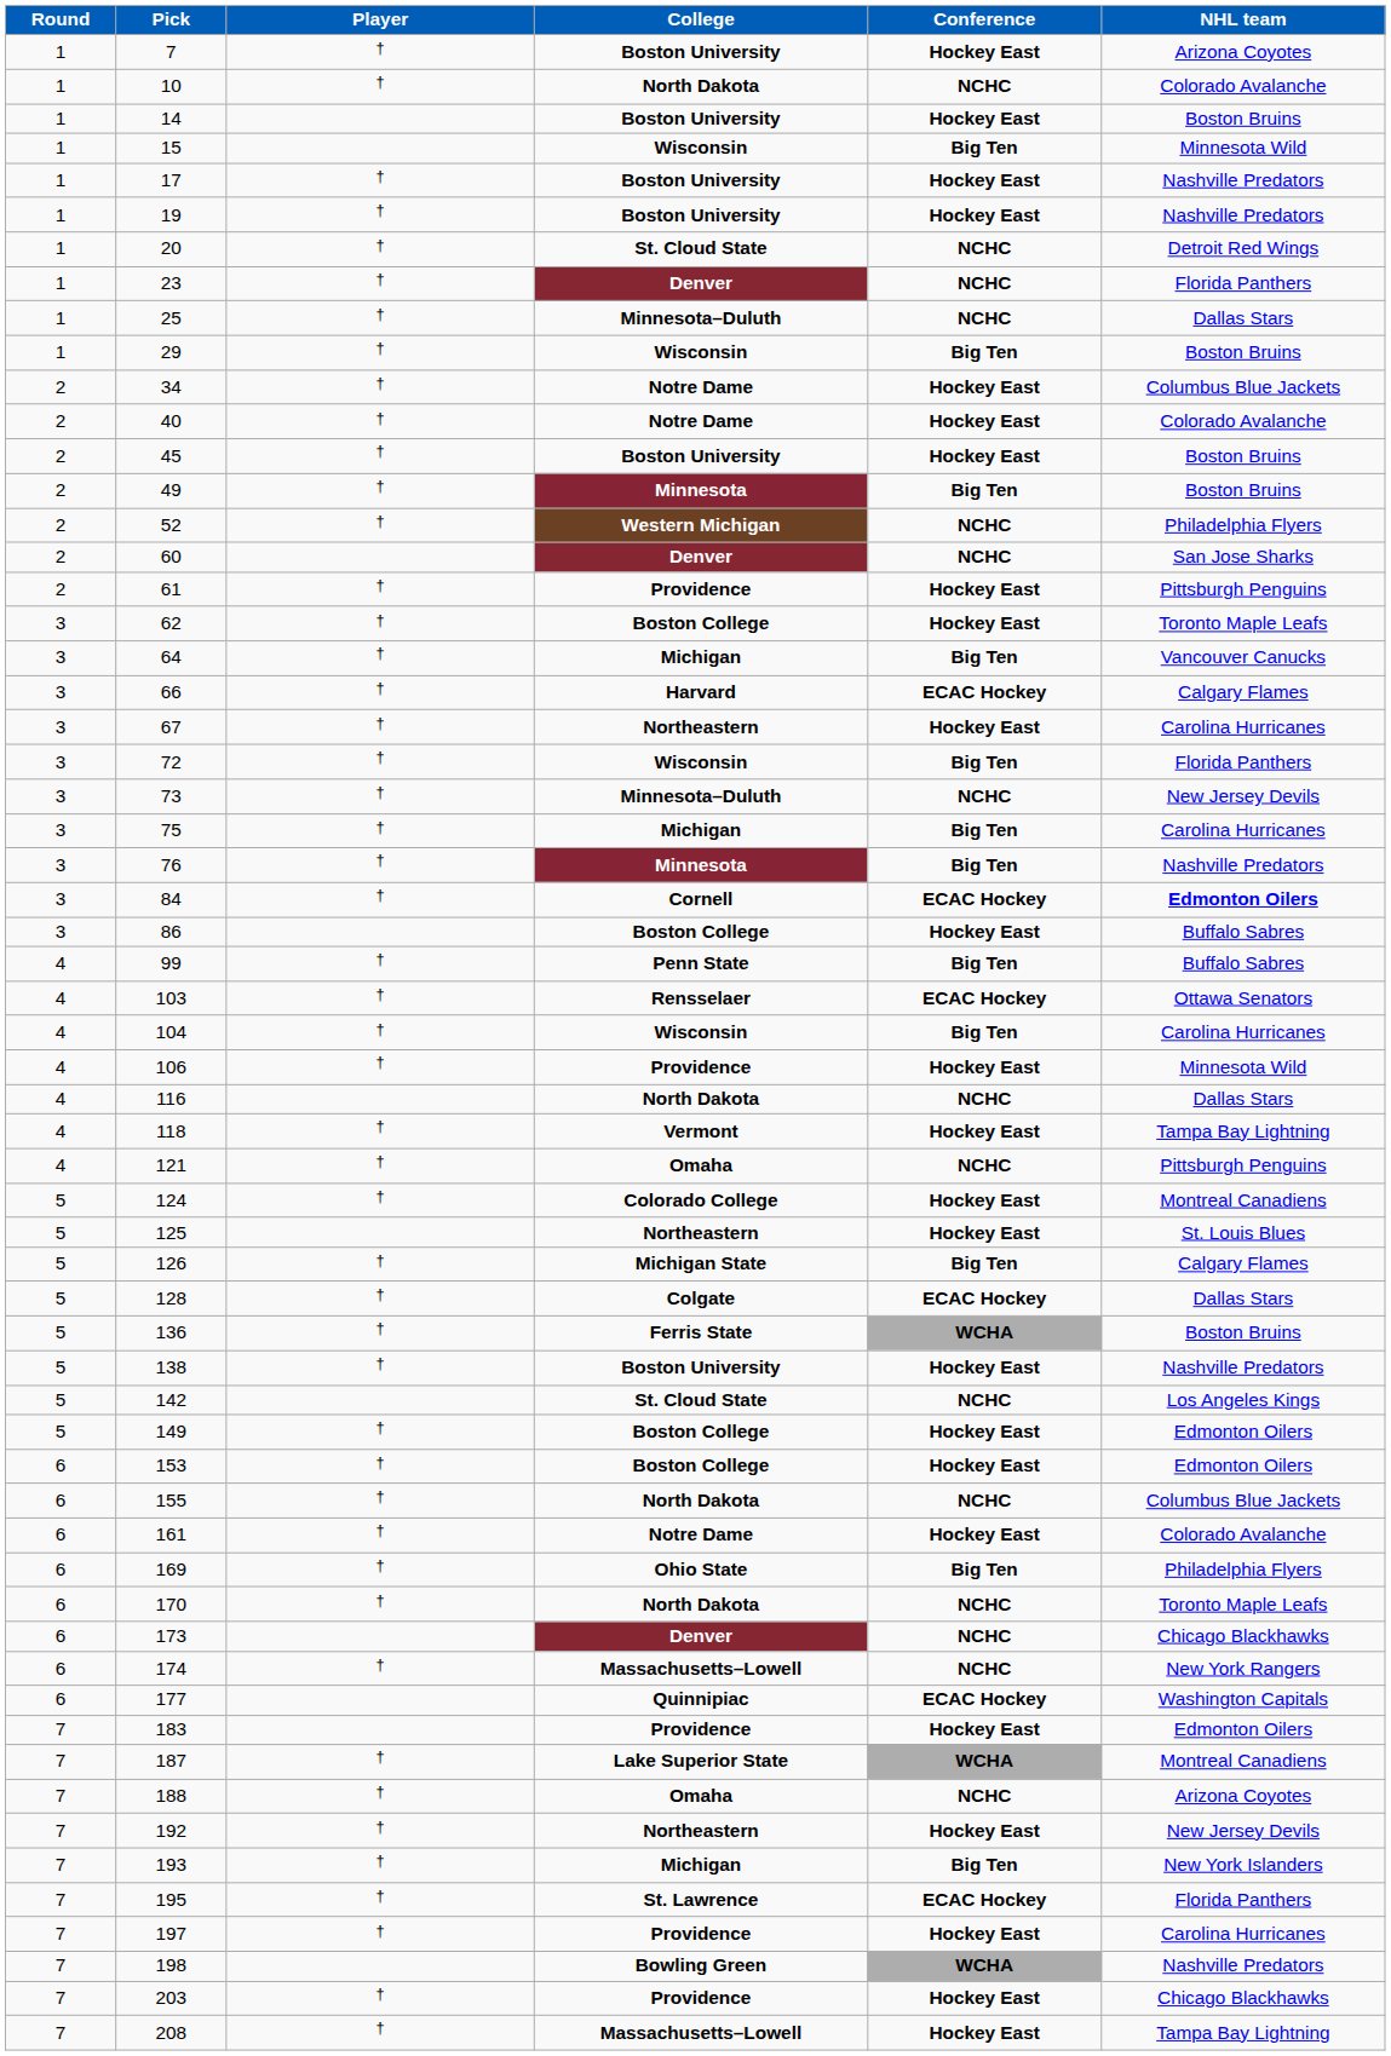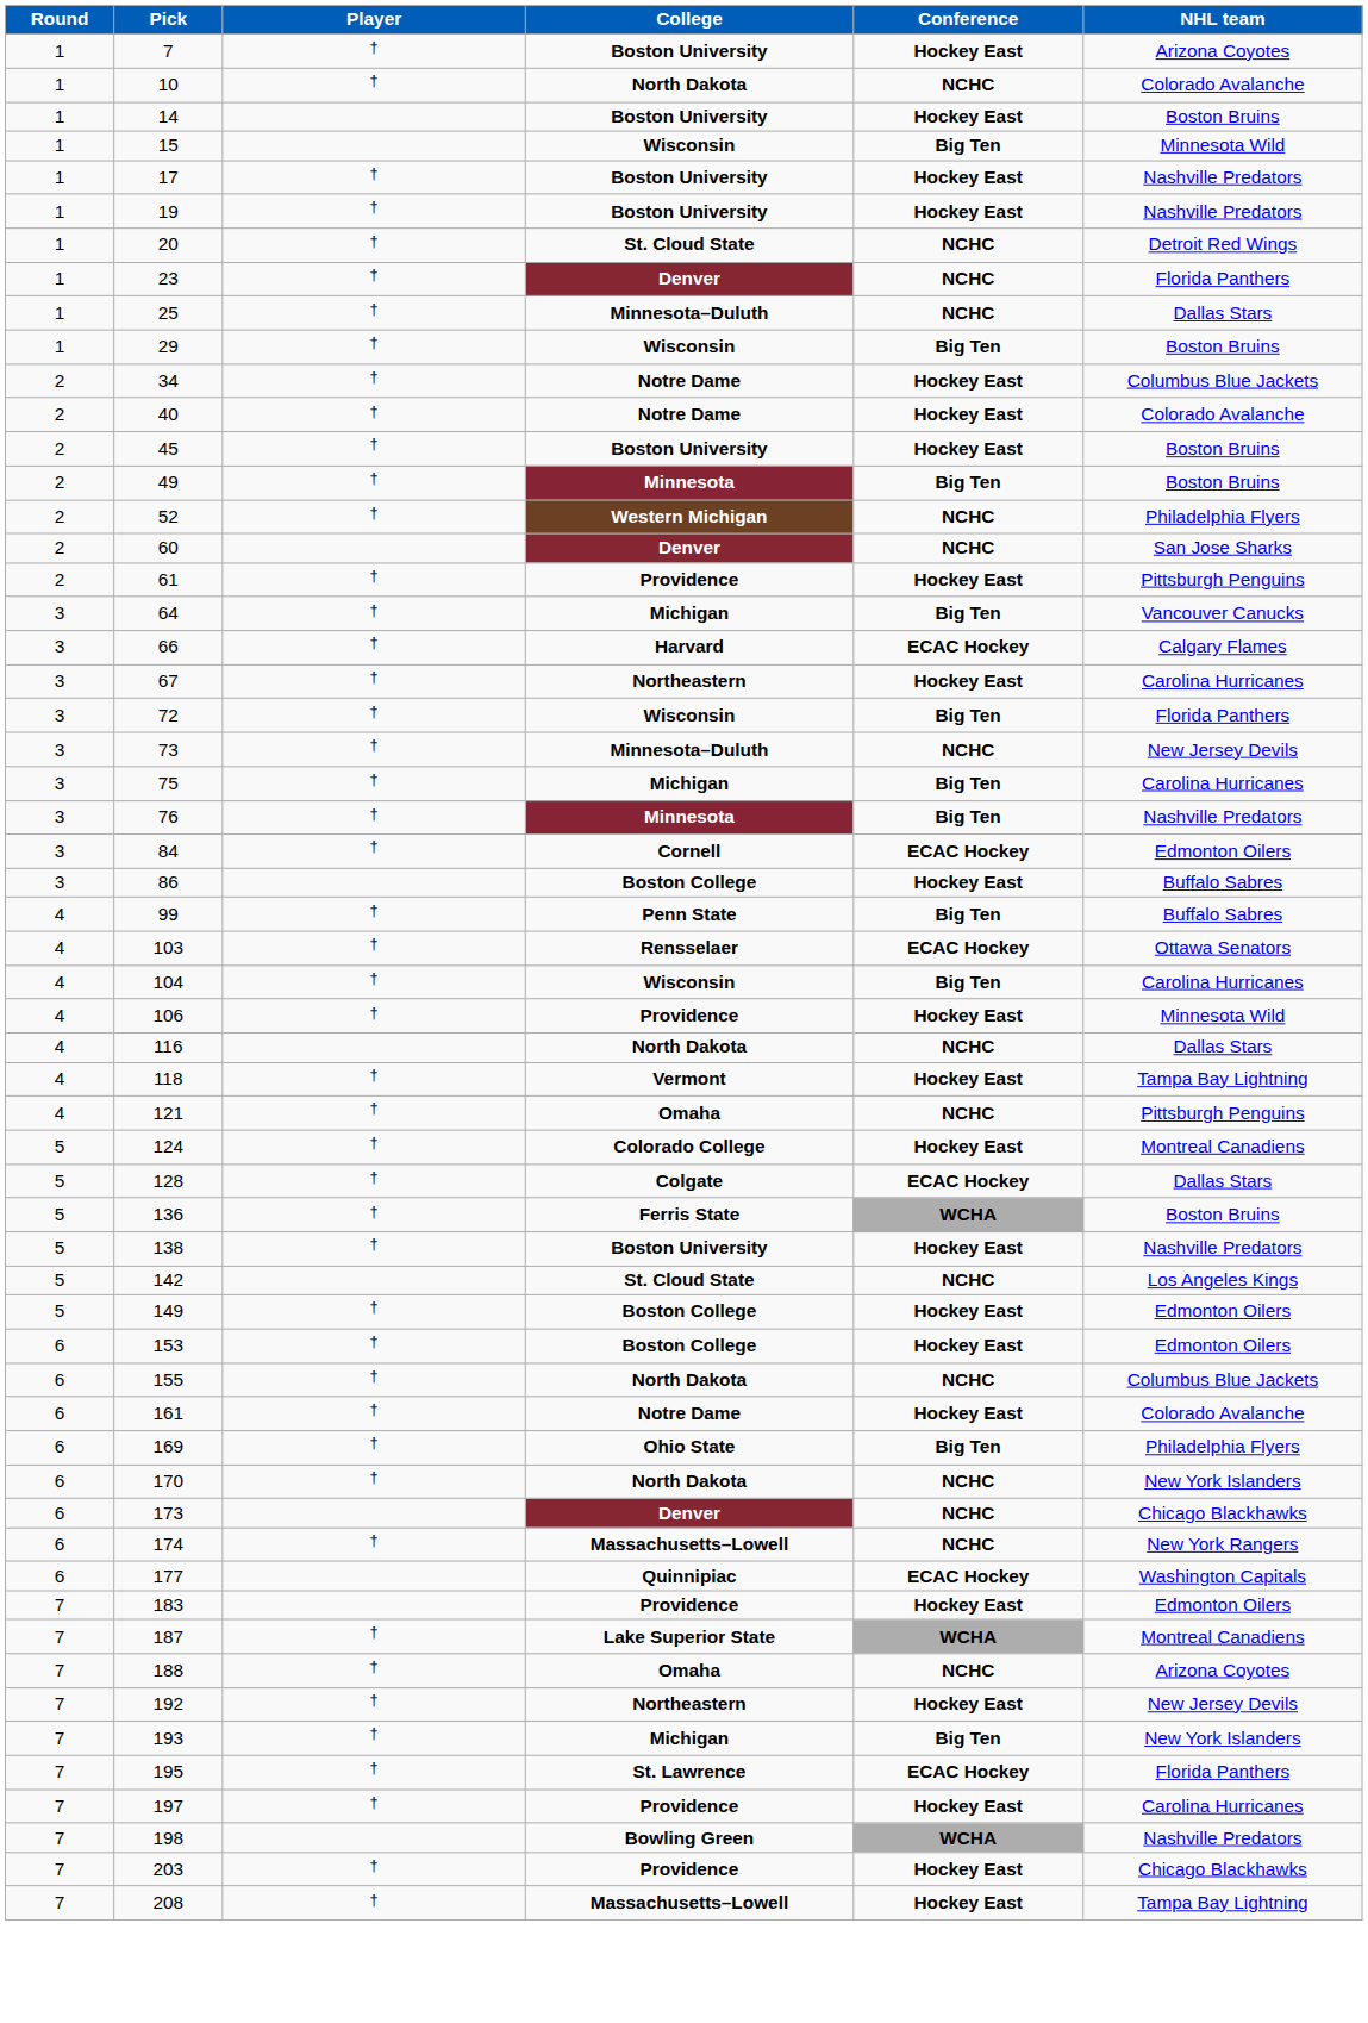 <table class="wikitable sortable" width="75%">
 <tr>
 <th style="color:white; background-color:#005EB8; width: 4em;">Round</th>
 <th style="color:white; background-color:#005EB8; width: 4em;">Pick</th>
 <th style="color:white; background-color:#005EB8; width: 12em;">Player</th>
 <th style="color:white; background-color:#005EB8; width: 13em;">College</th>
 <th style="color:white; background-color:#005EB8; width: 9em;">Conference</th>
 <th style="color:white; background-color:#005EB8; width: 11em;">NHL team</th>
 </tr>
 <tr align="center" bgcolor="">
 <td>1</td>
 <td>7</td>
 <td> <sup>†</sup></td>
 <td><strong>Boston University</strong></td>
 <td><strong>Hockey East</strong></td>
 <td><a href='#'>Arizona Coyotes</a></td>
 </tr>
 <tr align="center" bgcolor="">
 <td>1</td>
 <td>10</td>
 <td> <sup>†</sup></td>
 <td><strong>North Dakota</strong></td>
 <td><strong>NCHC</strong></td>
 <td><a href='#'>Colorado Avalanche</a></td>
 </tr>
 <tr align="center" bgcolor="">
 <td>1</td>
 <td>14</td>
 <td></td>
 <td><strong>Boston University</strong></td>
 <td><strong>Hockey East</strong></td>
 <td><a href='#'>Boston Bruins</a></td>
 </tr>
 <tr align="center" bgcolor="">
 <td>1</td>
 <td>15</td>
 <td></td>
 <td><strong>Wisconsin</strong></td>
 <td><strong>Big Ten</strong></td>
 <td><a href='#'>Minnesota Wild</a></td>
 </tr>
 <tr align="center" bgcolor="">
 <td>1</td>
 <td>17</td>
 <td> <sup>†</sup></td>
 <td><strong>Boston University</strong></td>
 <td><strong>Hockey East</strong></td>
 <td><a href='#'>Nashville Predators</a></td>
 </tr>
 <tr align="center" bgcolor="">
 <td>1</td>
 <td>19</td>
 <td> <sup>†</sup></td>
 <td><strong>Boston University</strong></td>
 <td><strong>Hockey East</strong></td>
 <td><a href='#'>Nashville Predators</a></td>
 </tr>
 <tr align="center" bgcolor="">
 <td>1</td>
 <td>20</td>
 <td> <sup>†</sup></td>
 <td><strong>St. Cloud State</strong></td>
 <td><strong>NCHC</strong></td>
 <td><a href='#'>Detroit Red Wings</a></td>
 </tr>
 <tr align="center" bgcolor="">
 <td>1</td>
 <td>23</td>
 <td> <sup>†</sup></td>
 <td style="color:white; background:#862633; "><strong>Denver</strong></td>
 <td><strong>NCHC</strong></td>
 <td><a href='#'>Florida Panthers</a></td>
 </tr>
 <tr align="center" bgcolor="">
 <td>1</td>
 <td>25</td>
 <td> <sup>†</sup></td>
 <td><strong>Minnesota–Duluth</strong></td>
 <td><strong>NCHC</strong></td>
 <td><a href='#'>Dallas Stars</a></td>
 </tr>
 <tr align="center" bgcolor="">
 <td>1</td>
 <td>29</td>
 <td> <sup>†</sup></td>
 <td><strong>Wisconsin</strong></td>
 <td><strong>Big Ten</strong></td>
 <td><a href='#'>Boston Bruins</a></td>
 </tr>
 <tr align="center" bgcolor="">
 <td>2</td>
 <td>34</td>
 <td> <sup>†</sup></td>
 <td><strong>Notre Dame</strong></td>
 <td><strong>Hockey East</strong></td>
 <td><a href='#'>Columbus Blue Jackets</a></td>
 </tr>
 <tr align="center" bgcolor="">
 <td>2</td>
 <td>40</td>
 <td> <sup>†</sup></td>
 <td><strong>Notre Dame</strong></td>
 <td><strong>Hockey East</strong></td>
 <td><a href='#'>Colorado Avalanche</a></td>
 </tr>
 <tr align="center" bgcolor="">
 <td>2</td>
 <td>45</td>
 <td> <sup>†</sup></td>
 <td><strong>Boston University</strong></td>
 <td><strong>Hockey East</strong></td>
 <td><a href='#'>Boston Bruins</a></td>
 </tr>
 <tr align="center" bgcolor="">
 <td>2</td>
 <td>49</td>
 <td> <sup>†</sup></td>
 <td style="color:white; background:#862334; "><strong>Minnesota</strong></td>
 <td><strong>Big Ten</strong></td>
 <td><a href='#'>Boston Bruins</a></td>
 </tr>
 <tr align="center" bgcolor="">
 <td>2</td>
 <td>52</td>
 <td> <sup>†</sup></td>
 <td style="color:white; background:#6C4023; "><strong>Western Michigan</strong></td>
 <td><strong>NCHC</strong></td>
 <td><a href='#'>Philadelphia Flyers</a></td>
 </tr>
 <tr align="center" bgcolor="">
 <td>2</td>
 <td>60</td>
 <td></td>
 <td style="color:white; background:#862633; "><strong>Denver</strong></td>
 <td><strong>NCHC</strong></td>
 <td><a href='#'>San Jose Sharks</a></td>
 </tr>
 <tr align="center" bgcolor="">
 <td>2</td>
 <td>61</td>
 <td> <sup>†</sup></td>
 <td><strong>Providence</strong></td>
 <td><strong>Hockey East</strong></td>
 <td><a href='#'>Pittsburgh Penguins</a></td>
 </tr>
 <tr align="center" bgcolor="">
 <td>3</td>
-<td>62</td>
-<td> <sup>†</sup></td>
-<td><strong>Boston College</strong></td>
-<td><strong>Hockey East</strong></td>
-<td><a href='#'>Toronto Maple Leafs</a></td>
-</tr>
-<tr align="center" bgcolor="">
-<td>3</td>
 <td>64</td>
 <td> <sup>†</sup></td>
 <td><strong>Michigan</strong></td>
 <td><strong>Big Ten</strong></td>
 <td><a href='#'>Vancouver Canucks</a></td>
 </tr>
 <tr align="center" bgcolor="">
 <td>3</td>
 <td>66</td>
 <td> <sup>†</sup></td>
 <td><strong>Harvard</strong></td>
 <td><strong>ECAC Hockey</strong></td>
 <td><a href='#'>Calgary Flames</a></td>
 </tr>
 <tr align="center" bgcolor="">
 <td>3</td>
 <td>67</td>
 <td> <sup>†</sup></td>
 <td><strong>Northeastern</strong></td>
 <td><strong>Hockey East</strong></td>
 <td><a href='#'>Carolina Hurricanes</a></td>
 </tr>
 <tr align="center" bgcolor="">
 <td>3</td>
 <td>72</td>
 <td> <sup>†</sup></td>
 <td><strong>Wisconsin</strong></td>
 <td><strong>Big Ten</strong></td>
 <td><a href='#'>Florida Panthers</a></td>
 </tr>
 <tr align="center" bgcolor="">
 <td>3</td>
 <td>73</td>
 <td> <sup>†</sup></td>
 <td><strong>Minnesota–Duluth</strong></td>
 <td><strong>NCHC</strong></td>
 <td><a href='#'>New Jersey Devils</a></td>
 </tr>
 <tr align="center" bgcolor="">
 <td>3</td>
 <td>75</td>
 <td> <sup>†</sup></td>
 <td><strong>Michigan</strong></td>
 <td><strong>Big Ten</strong></td>
 <td><a href='#'>Carolina Hurricanes</a></td>
 </tr>
 <tr align="center" bgcolor="">
 <td>3</td>
 <td>76</td>
 <td> <sup>†</sup></td>
 <td style="color:white; background:#862334; "><strong>Minnesota</strong></td>
 <td><strong>Big Ten</strong></td>
 <td><a href='#'>Nashville Predators</a></td>
 </tr>
 <tr align="center" bgcolor="">
 <td>3</td>
 <td>84</td>
 <td> <sup>†</sup></td>
 <td><strong>Cornell</strong></td>
 <td><strong>ECAC Hockey</strong></td>
-<td><strong><a href='#'>Edmonton Oilers</a></strong></td>
+<td><a href='#'>Edmonton Oilers</a></td>
 </tr>
 <tr align="center" bgcolor="">
 <td>3</td>
 <td>86</td>
 <td></td>
 <td><strong>Boston College</strong></td>
 <td><strong>Hockey East</strong></td>
 <td><a href='#'>Buffalo Sabres</a></td>
 </tr>
 <tr align="center" bgcolor="">
 <td>4</td>
 <td>99</td>
 <td> <sup>†</sup></td>
 <td><strong>Penn State</strong></td>
 <td><strong>Big Ten</strong></td>
 <td><a href='#'>Buffalo Sabres</a></td>
 </tr>
 <tr align="center" bgcolor="">
 <td>4</td>
 <td>103</td>
 <td> <sup>†</sup></td>
 <td><strong>Rensselaer</strong></td>
 <td><strong>ECAC Hockey</strong></td>
 <td><a href='#'>Ottawa Senators</a></td>
 </tr>
 <tr align="center" bgcolor="">
 <td>4</td>
 <td>104</td>
 <td> <sup>†</sup></td>
 <td><strong>Wisconsin</strong></td>
 <td><strong>Big Ten</strong></td>
 <td><a href='#'>Carolina Hurricanes</a></td>
 </tr>
 <tr align="center" bgcolor="">
 <td>4</td>
 <td>106</td>
 <td> <sup>†</sup></td>
 <td><strong>Providence</strong></td>
 <td><strong>Hockey East</strong></td>
 <td><a href='#'>Minnesota Wild</a></td>
 </tr>
 <tr align="center" bgcolor="">
 <td>4</td>
 <td>116</td>
 <td></td>
 <td><strong>North Dakota</strong></td>
 <td><strong>NCHC</strong></td>
 <td><a href='#'>Dallas Stars</a></td>
 </tr>
 <tr align="center" bgcolor="">
 <td>4</td>
 <td>118</td>
 <td> <sup>†</sup></td>
 <td><strong>Vermont</strong></td>
 <td><strong>Hockey East</strong></td>
 <td><a href='#'>Tampa Bay Lightning</a></td>
 </tr>
 <tr align="center" bgcolor="">
 <td>4</td>
 <td>121</td>
 <td> <sup>†</sup></td>
 <td><strong>Omaha</strong></td>
 <td><strong>NCHC</strong></td>
 <td><a href='#'>Pittsburgh Penguins</a></td>
 </tr>
 <tr align="center" bgcolor="">
 <td>5</td>
 <td>124</td>
 <td> <sup>†</sup></td>
 <td><strong>Colorado College</strong></td>
 <td><strong>Hockey East</strong></td>
 <td><a href='#'>Montreal Canadiens</a></td>
-</tr>
-<tr align="center" bgcolor="">
-<td>5</td>
-<td>125</td>
-<td></td>
-<td><strong>Northeastern</strong></td>
-<td><strong>Hockey East</strong></td>
-<td><a href='#'>St. Louis Blues</a></td>
-</tr>
-<tr align="center" bgcolor="">
-<td>5</td>
-<td>126</td>
-<td> <sup>†</sup></td>
-<td><strong>Michigan State</strong></td>
-<td><strong>Big Ten</strong></td>
-<td><a href='#'>Calgary Flames</a></td>
 </tr>
 <tr align="center" bgcolor="">
 <td>5</td>
 <td>128</td>
 <td> <sup>†</sup></td>
 <td><strong>Colgate</strong></td>
 <td><strong>ECAC Hockey</strong></td>
 <td><a href='#'>Dallas Stars</a></td>
 </tr>
 <tr align="center" bgcolor="">
 <td>5</td>
 <td>136</td>
 <td> <sup>†</sup></td>
 <td><strong>Ferris State</strong></td>
 <td style="color:black; background:#ADADAD; "><strong>WCHA</strong></td>
 <td><a href='#'>Boston Bruins</a></td>
 </tr>
 <tr align="center" bgcolor="">
 <td>5</td>
 <td>138</td>
 <td> <sup>†</sup></td>
 <td><strong>Boston University</strong></td>
 <td><strong>Hockey East</strong></td>
 <td><a href='#'>Nashville Predators</a></td>
 </tr>
 <tr align="center" bgcolor="">
 <td>5</td>
 <td>142</td>
 <td></td>
 <td><strong>St. Cloud State</strong></td>
 <td><strong>NCHC</strong></td>
 <td><a href='#'>Los Angeles Kings</a></td>
 </tr>
 <tr align="center" bgcolor="">
 <td>5</td>
 <td>149</td>
 <td> <sup>†</sup></td>
 <td><strong>Boston College</strong></td>
 <td><strong>Hockey East</strong></td>
 <td><a href='#'>Edmonton Oilers</a></td>
 </tr>
 <tr align="center" bgcolor="">
 <td>6</td>
 <td>153</td>
 <td> <sup>†</sup></td>
 <td><strong>Boston College</strong></td>
 <td><strong>Hockey East</strong></td>
 <td><a href='#'>Edmonton Oilers</a></td>
 </tr>
 <tr align="center" bgcolor="">
 <td>6</td>
 <td>155</td>
 <td> <sup>†</sup></td>
 <td><strong>North Dakota</strong></td>
 <td><strong>NCHC</strong></td>
 <td><a href='#'>Columbus Blue Jackets</a></td>
 </tr>
 <tr align="center" bgcolor="">
 <td>6</td>
 <td>161</td>
 <td> <sup>†</sup></td>
 <td><strong>Notre Dame</strong></td>
 <td><strong>Hockey East</strong></td>
 <td><a href='#'>Colorado Avalanche</a></td>
 </tr>
 <tr align="center" bgcolor="">
 <td>6</td>
 <td>169</td>
 <td> <sup>†</sup></td>
 <td><strong>Ohio State</strong></td>
 <td><strong>Big Ten</strong></td>
 <td><a href='#'>Philadelphia Flyers</a></td>
 </tr>
 <tr align="center" bgcolor="">
 <td>6</td>
 <td>170</td>
 <td> <sup>†</sup></td>
 <td><strong>North Dakota</strong></td>
 <td><strong>NCHC</strong></td>
-<td><a href='#'>Toronto Maple Leafs</a></td>
+<td><a href='#'>New York Islanders</a></td>
 </tr>
 <tr align="center" bgcolor="">
 <td>6</td>
 <td>173</td>
 <td></td>
 <td style="color:white; background:#862633; "><strong>Denver</strong></td>
 <td><strong>NCHC</strong></td>
 <td><a href='#'>Chicago Blackhawks</a></td>
 </tr>
 <tr align="center" bgcolor="">
 <td>6</td>
 <td>174</td>
 <td> <sup>†</sup></td>
 <td><strong>Massachusetts–Lowell</strong></td>
 <td><strong>NCHC</strong></td>
 <td><a href='#'>New York Rangers</a></td>
 </tr>
 <tr align="center" bgcolor="">
 <td>6</td>
 <td>177</td>
 <td></td>
 <td><strong>Quinnipiac</strong></td>
 <td><strong>ECAC Hockey</strong></td>
 <td><a href='#'>Washington Capitals</a></td>
 </tr>
 <tr align="center" bgcolor="">
 <td>7</td>
 <td>183</td>
 <td></td>
 <td><strong>Providence</strong></td>
 <td><strong>Hockey East</strong></td>
 <td><a href='#'>Edmonton Oilers</a></td>
 </tr>
 <tr align="center" bgcolor="">
 <td>7</td>
 <td>187</td>
 <td> <sup>†</sup></td>
 <td><strong>Lake Superior State</strong></td>
 <td style="color:black; background:#ADADAD; "><strong>WCHA</strong></td>
 <td><a href='#'>Montreal Canadiens</a></td>
 </tr>
 <tr align="center" bgcolor="">
 <td>7</td>
 <td>188</td>
 <td> <sup>†</sup></td>
 <td><strong>Omaha</strong></td>
 <td><strong>NCHC</strong></td>
 <td><a href='#'>Arizona Coyotes</a></td>
 </tr>
 <tr align="center" bgcolor="">
 <td>7</td>
 <td>192</td>
 <td> <sup>†</sup></td>
 <td><strong>Northeastern</strong></td>
 <td><strong>Hockey East</strong></td>
 <td><a href='#'>New Jersey Devils</a></td>
 </tr>
 <tr align="center" bgcolor="">
 <td>7</td>
 <td>193</td>
 <td> <sup>†</sup></td>
 <td><strong>Michigan</strong></td>
 <td><strong>Big Ten</strong></td>
 <td><a href='#'>New York Islanders</a></td>
 </tr>
 <tr align="center" bgcolor="">
 <td>7</td>
 <td>195</td>
 <td> <sup>†</sup></td>
 <td><strong>St. Lawrence</strong></td>
 <td><strong>ECAC Hockey</strong></td>
 <td><a href='#'>Florida Panthers</a></td>
 </tr>
 <tr align="center" bgcolor="">
 <td>7</td>
 <td>197</td>
 <td> <sup>†</sup></td>
 <td><strong>Providence</strong></td>
 <td><strong>Hockey East</strong></td>
 <td><a href='#'>Carolina Hurricanes</a></td>
 </tr>
 <tr align="center" bgcolor="">
 <td>7</td>
 <td>198</td>
 <td></td>
 <td><strong>Bowling Green</strong></td>
 <td style="color:black; background:#ADADAD; "><strong>WCHA</strong></td>
 <td><a href='#'>Nashville Predators</a></td>
 </tr>
 <tr align="center" bgcolor="">
 <td>7</td>
 <td>203</td>
 <td> <sup>†</sup></td>
 <td><strong>Providence</strong></td>
 <td><strong>Hockey East</strong></td>
 <td><a href='#'>Chicago Blackhawks</a></td>
 </tr>
 <tr align="center" bgcolor="">
 <td>7</td>
 <td>208</td>
 <td> <sup>†</sup></td>
 <td><strong>Massachusetts–Lowell</strong></td>
 <td><strong>Hockey East</strong></td>
 <td><a href='#'>Tampa Bay Lightning</a></td>
 </tr>
 </table>
